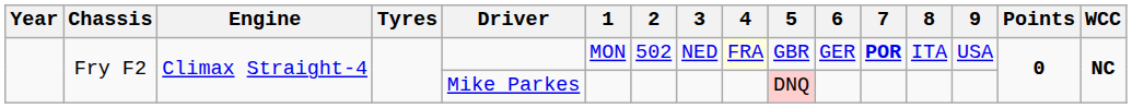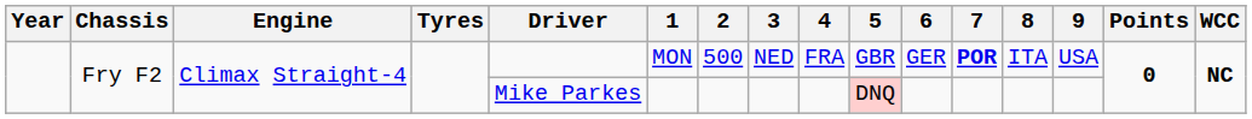 <table class="wikitable" style="text-align:center; font-size:95%">
 <tr>
 <th>Year</th>
 <th>Chassis</th>
 <th>Engine</th>
 <th>Tyres</th>
 <th>Driver</th>
 <th>1</th>
 <th>2</th>
 <th>3</th>
 <th>4</th>
 <th>5</th>
 <th>6</th>
 <th>7</th>
 <th>8</th>
 <th>9</th>
 <th>Points</th>
 <th>WCC</th>
 </tr>
 <tr>
 <td rowspan="2"></td>
 <td rowspan="2">Fry F2</td>
 <td rowspan="2"><a href='#'>Climax</a> <a href='#'>Straight-4</a></td>
 <td rowspan="2"></td>
 <td></td>
 <td><a href='#'>MON</a></td>
-<td><a href='#'>502</a></td>
+<td><a href='#'>500</a></td>
 <td><a href='#'>NED</a></td>
-<td style="background: lightyellow;"><a href='#'>FRA</a></td>
+<td><a href='#'>FRA</a></td>
 <td><a href='#'>GBR</a></td>
 <td><a href='#'>GER</a></td>
 <td><strong><a href='#'>POR</a></strong></td>
 <td><a href='#'>ITA</a></td>
 <td><a href='#'>USA</a></td>
 <td rowspan="2"><strong>0</strong></td>
 <td rowspan="2"><strong>NC</strong></td>
 </tr>
 <tr>
 <td><a href='#'>Mike Parkes</a></td>
 <td></td>
 <td></td>
 <td></td>
 <td></td>
 <td style="background:#FFCFCF;">DNQ</td>
 <td></td>
 <td></td>
 <td></td>
 <td></td>
 </tr>
 </table>
